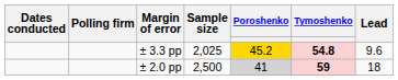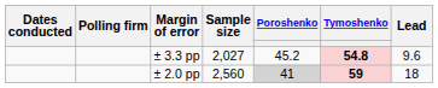 <table class="wikitable sortable mw-datatable mw-collapsible" style="text-align:center;font-size:90%;line-height:14px;">
 <tr style="height:40px;">
 <th rowspan="2">Dates<br>conducted</th>
 <th rowspan="2">Polling firm</th>
 <th rowspan="2">Margin<br>of error</th>
 <th rowspan="2">Sample<br>size</th>
 <th> <small><a href='#'>Poroshenko</a></small><br></th>
 <th><small><a href='#'>Tymoshenko</a></small><br></th>
 <th rowspan="2" style="width:40px;">Lead</th>
 </tr>
 <tr>
 <th data-sort-type="number" style="background:"></th>
 <th data-sort-type="number" style="background:"></th>
 </tr>
 <tr>
 <td></td>
 <td></td>
 <td>± 3.3 pp</td>
-<td>2,025</td>
-<td style="background: gold;">45.2</td>
+<td>2,027</td>
+<td>45.2</td>
 <td style="background:#FBD2D3;"><strong>54.8</strong></td>
 <td style="background:">9.6</td>
 </tr>
 <tr>
 <td></td>
 <td></td>
 <td>± 2.0 pp</td>
-<td>2,500</td>
+<td>2,560</td>
 <td style="background: lightgrey;">41</td>
 <td style="background:#FBD2D3"><strong>59</strong></td>
 <td style="background:">18</td>
 </tr>
 </table>
